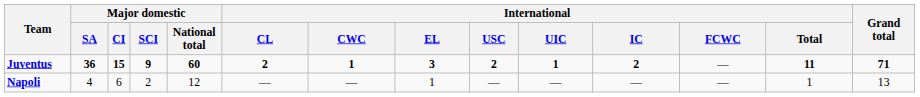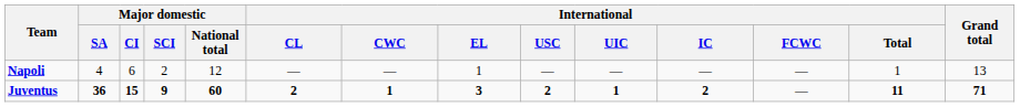 <table class="wikitable sortable">
 <tr>
 <th rowspan="2" style="width:5%;" class="wikitable unsortable">Team</th>
 <th colspan="4" style="width:17%;" class="unsortable">Major domestic</th>
 <th colspan="8" style="width:19%;" class="unsortable">International</th>
 <th rowspan="2" style="width:5%;" class="wikitable unsortable">Grand total</th>
 </tr>
 <tr>
 <th style="width:3%;" class="sortable"><a href='#'>SA</a></th>
 <th style="width:1%;" class="sortable"><a href='#'>CI</a></th>
 <th style="width:3%;" class="sortable"><a href='#'>SCI</a></th>
 <th style="width:2%;" class="sortable">National total</th>
 <th style="width:7%;" class="sortable"><a href='#'>CL</a></th>
 <th style="width:7%;" class="sortable"><a href='#'>CWC</a></th>
 <th style="width:6%;" class="sortable"><a href='#'>EL</a></th>
 <th style="width:4%;" class="sortable"><a href='#'>USC</a></th>
 <th style="width:6%;" class="sortable"><a href='#'>UIC</a></th>
 <th style="width:7%;" class="sortable"><a href='#'>IC</a></th>
 <th style="width:7%;" class="sortable"><a href='#'>FCWC</a></th>
 <th style="width:7%;" class="sortable">Total</th>
 </tr>
 <tr>
+<td><strong><a href='#'>Napoli</a></strong></td>
+<td align=center>4</td>
+<td align=center>6</td>
+<td align=center>2</td>
+<td align=center>12</td>
+<td align=center>—</td>
+<td align=center>—</td>
+<td align=center>1</td>
+<td align=center>—</td>
+<td align=center>—</td>
+<td align=center>—</td>
+<td align=center>—</td>
+<td align=center>1</td>
+<td align=center>13</td>
+</tr>
+<tr>
 <td><strong><a href='#'>Juventus</a></strong></td>
 <td align=center><strong>36</strong></td>
 <td align=center><strong>15</strong></td>
 <td align=center><strong>9</strong></td>
 <td align=center><strong>60</strong></td>
 <td align=center><strong>2</strong></td>
 <td align=center><strong>1</strong></td>
 <td align=center><strong>3</strong></td>
 <td align=center><strong>2</strong></td>
 <td align=center><strong>1</strong></td>
 <td align=center><strong>2</strong></td>
 <td align=center>—</td>
 <td align=center><strong>11</strong></td>
 <td align=center><strong>71</strong></td>
 </tr>
-<tr>
-<td><strong><a href='#'>Napoli</a></strong></td>
-<td align=center>4</td>
-<td align=center>6</td>
-<td align=center>2</td>
-<td align=center>12</td>
-<td align=center>—</td>
-<td align=center>—</td>
-<td align=center>1</td>
-<td align=center>—</td>
-<td align=center>—</td>
-<td align=center>—</td>
-<td align=center>—</td>
-<td align=center>1</td>
-<td align=center>13</td>
-</tr>
 </table>
